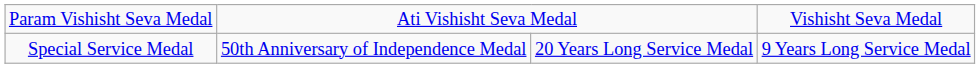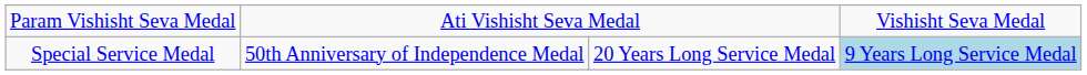 <table class="wikitable" style="margin:1em auto; text-align:center;">
 <tr>
 <td colspan="1"><a href='#'>Param Vishisht Seva Medal</a></td>
 <td colspan="2"><a href='#'>Ati Vishisht Seva Medal</a></td>
 <td colspan="1"><a href='#'>Vishisht Seva Medal</a></td>
 </tr>
 <tr>
 <td><a href='#'>Special Service Medal</a></td>
 <td><a href='#'>50th Anniversary of Independence Medal</a></td>
 <td><a href='#'>20 Years Long Service Medal</a></td>
-<td><a href='#'>9 Years Long Service Medal</a></td>
+<td style="background: lightblue;"><a href='#'>9 Years Long Service Medal</a></td>
 </tr>
 </table>
